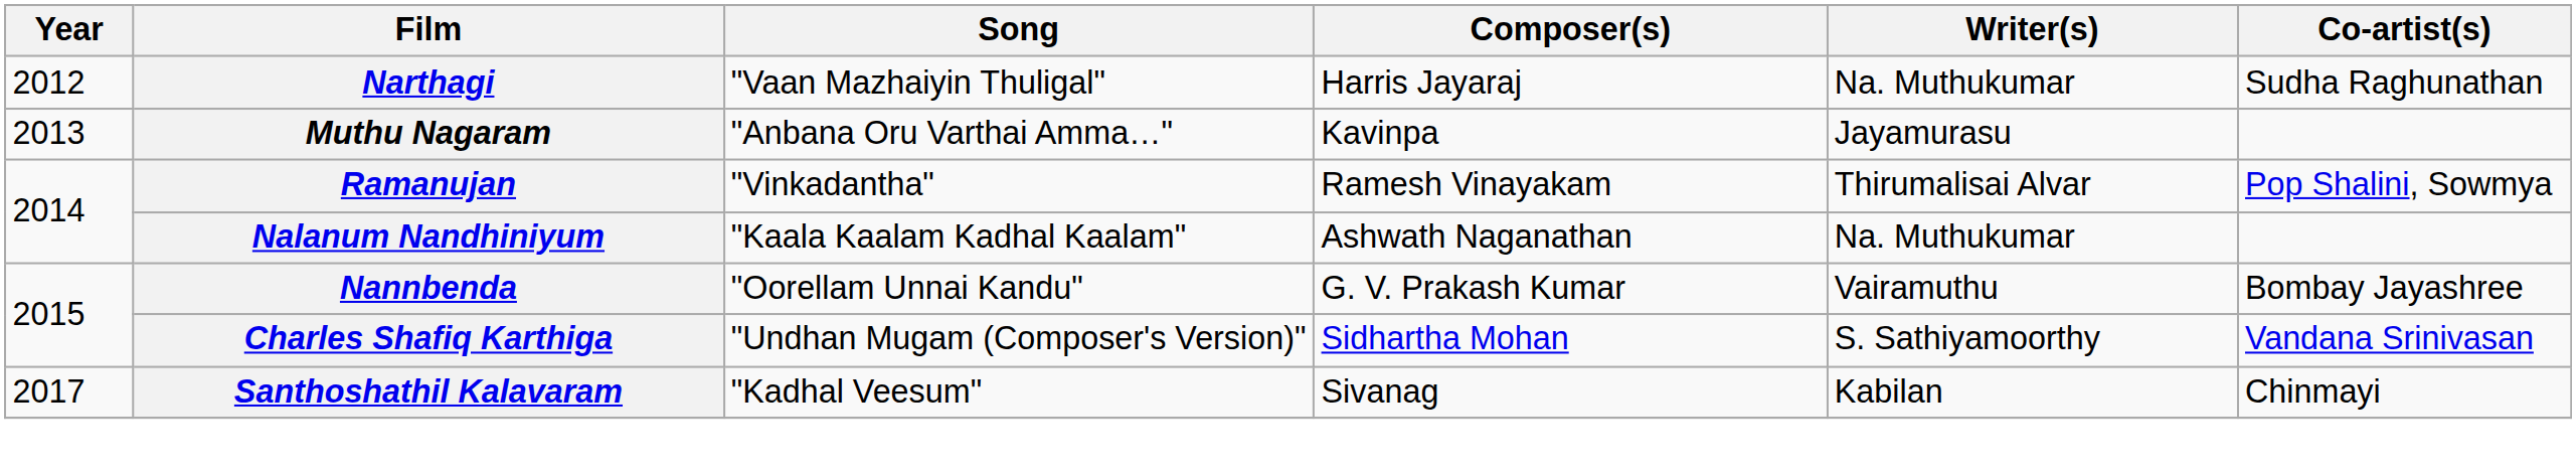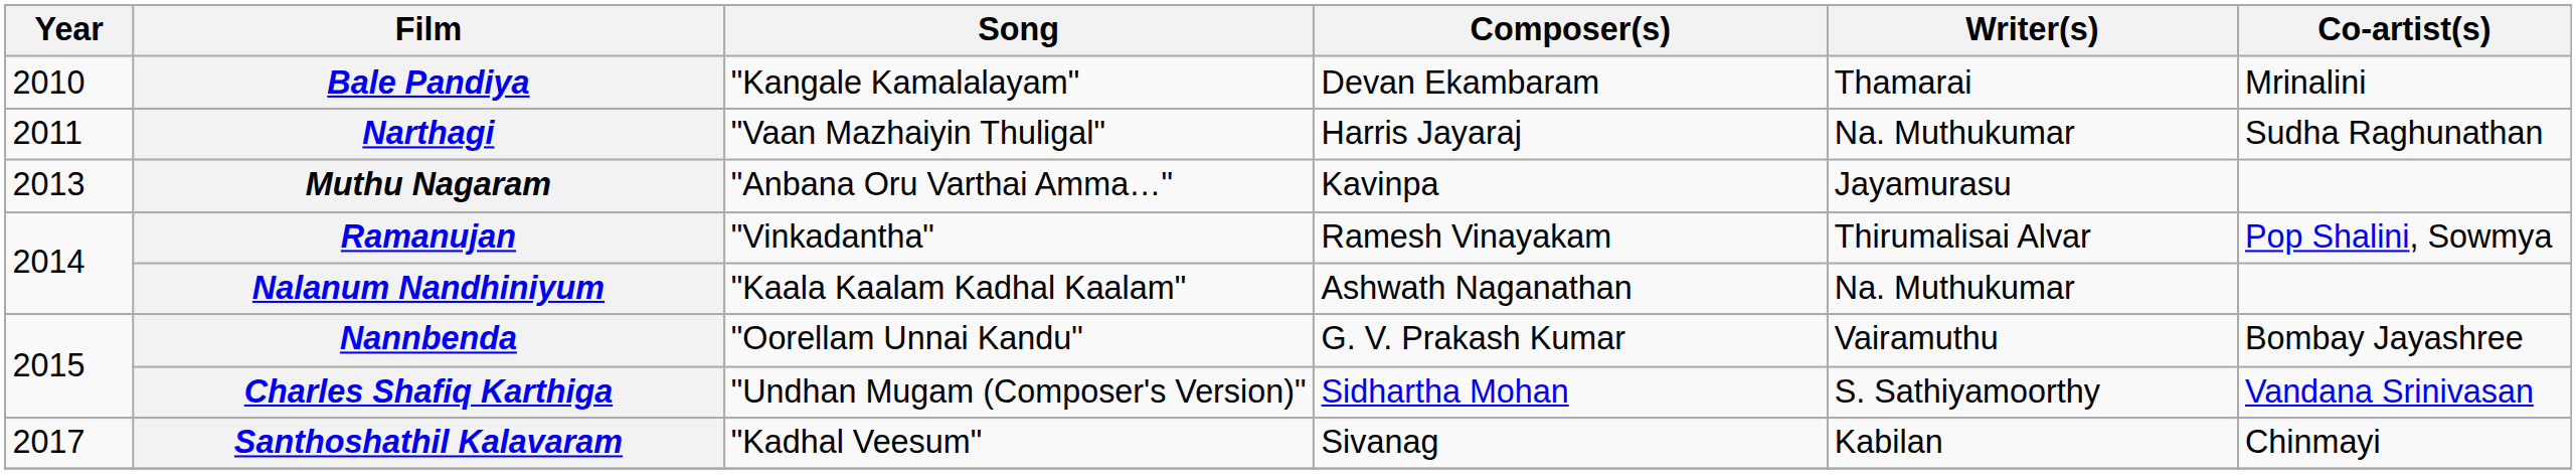 <table class="wikitable plainrowheaders" width="100%" textcolor:#000;">
 <tr style="background:#b0e0e66;">
 <th scope="col" width=5%><strong>Year</strong></th>
 <th scope="col" width=23%><strong>Film</strong></th>
 <th scope="col" width=23%><strong>Song</strong></th>
 <th scope="col" width=20%><strong>Composer(s)</strong></th>
 <th scope="col" width=16%><strong>Writer(s)</strong></th>
 <th scope="col" width=18%><strong>Co-artist(s)</strong></th>
 </tr>
 <tr>
-<td>2012</td>
+<td>2010</td>
+<th><em><a href='#'>Bale Pandiya</a></em></th>
+<td>"Kangale Kamalalayam"</td>
+<td>Devan Ekambaram</td>
+<td>Thamarai</td>
+<td>Mrinalini</td>
+</tr>
+<tr>
+<td>2011</td>
 <th><em><a href='#'>Narthagi</a></em></th>
 <td>"Vaan Mazhaiyin Thuligal"</td>
 <td>Harris Jayaraj</td>
 <td>Na. Muthukumar</td>
 <td>Sudha Raghunathan</td>
 </tr>
 <tr>
 <td>2013</td>
 <th><em>Muthu Nagaram</em></th>
 <td>"Anbana Oru Varthai Amma…"</td>
 <td>Kavinpa</td>
 <td>Jayamurasu</td>
 <td></td>
 </tr>
 <tr>
 <td rowspan="2">2014</td>
 <th><em><a href='#'>Ramanujan</a></em></th>
 <td>"Vinkadantha"</td>
 <td>Ramesh Vinayakam</td>
 <td>Thirumalisai Alvar</td>
 <td><a href='#'>Pop Shalini</a>, Sowmya</td>
 </tr>
 <tr>
 <th><em><a href='#'>Nalanum Nandhiniyum</a></em></th>
 <td>"Kaala Kaalam Kadhal Kaalam"</td>
 <td>Ashwath Naganathan</td>
 <td>Na. Muthukumar</td>
 <td></td>
 </tr>
 <tr>
 <td rowspan="2">2015</td>
 <th><em><a href='#'>Nannbenda</a></em></th>
 <td>"Oorellam Unnai Kandu"</td>
 <td>G. V. Prakash Kumar</td>
 <td>Vairamuthu</td>
 <td>Bombay Jayashree</td>
 </tr>
 <tr>
 <th><em><a href='#'>Charles Shafiq Karthiga</a></em></th>
 <td>"Undhan Mugam (Composer's Version)"</td>
 <td><a href='#'>Sidhartha Mohan</a></td>
 <td>S. Sathiyamoorthy</td>
 <td><a href='#'>Vandana Srinivasan</a></td>
 </tr>
 <tr>
 <td>2017</td>
 <th><em><a href='#'>Santhoshathil Kalavaram</a></em></th>
 <td>"Kadhal Veesum"</td>
 <td>Sivanag</td>
 <td>Kabilan</td>
 <td>Chinmayi</td>
 </tr>
 <tr>
 </tr>
 </table>
